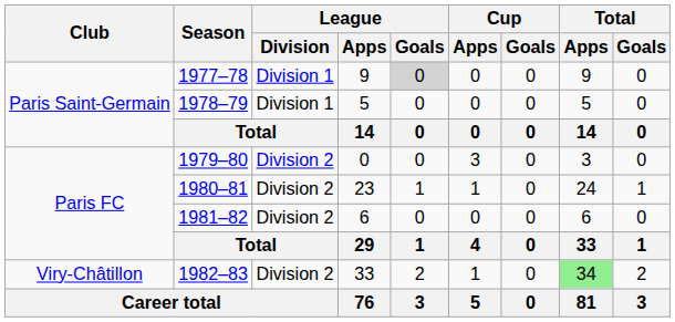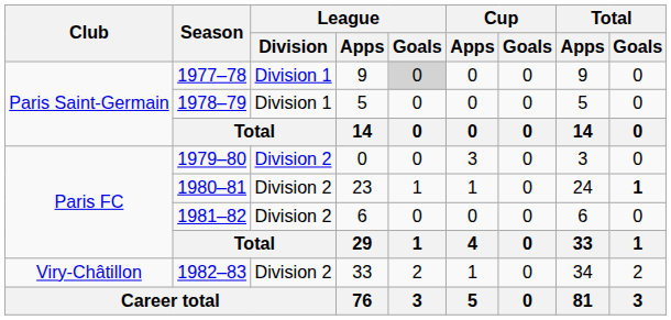 <table class="wikitable" style="text-align:center">
 <tr>
 <th rowspan="2">Club</th>
 <th rowspan="2">Season</th>
 <th colspan="3">League</th>
 <th colspan="2">Cup</th>
 <th colspan="2">Total</th>
 </tr>
 <tr>
 <th>Division</th>
 <th>Apps</th>
 <th>Goals</th>
 <th>Apps</th>
 <th>Goals</th>
 <th>Apps</th>
 <th>Goals</th>
 </tr>
 <tr>
 <td rowspan="3"><a href='#'>Paris Saint-Germain</a></td>
 <td><a href='#'>1977–78</a></td>
 <td><a href='#'>Division 1</a></td>
 <td>9</td>
 <td style="background: lightgrey;">0</td>
 <td>0</td>
 <td>0</td>
 <td>9</td>
 <td>0</td>
 </tr>
 <tr>
 <td><a href='#'>1978–79</a></td>
 <td>Division 1</td>
 <td>5</td>
 <td>0</td>
 <td>0</td>
 <td>0</td>
 <td>5</td>
 <td>0</td>
 </tr>
 <tr>
 <th colspan="2">Total</th>
 <th>14</th>
 <th>0</th>
 <th>0</th>
 <th>0</th>
 <th>14</th>
 <th>0</th>
 </tr>
 <tr>
 <td rowspan="4"><a href='#'>Paris FC</a></td>
 <td><a href='#'>1979–80</a></td>
 <td><a href='#'>Division 2</a></td>
 <td>0</td>
 <td>0</td>
 <td>3</td>
 <td>0</td>
 <td>3</td>
 <td>0</td>
 </tr>
 <tr>
 <td><a href='#'>1980–81</a></td>
 <td>Division 2</td>
 <td>23</td>
 <td>1</td>
 <td>1</td>
 <td>0</td>
 <td>24</td>
-<td>1</td>
+<td><strong>1</strong></td>
 </tr>
 <tr>
 <td><a href='#'>1981–82</a></td>
 <td>Division 2</td>
 <td>6</td>
 <td>0</td>
 <td>0</td>
 <td>0</td>
 <td>6</td>
 <td>0</td>
 </tr>
 <tr>
 <th colspan="2">Total</th>
 <th>29</th>
 <th>1</th>
 <th>4</th>
 <th>0</th>
 <th>33</th>
 <th>1</th>
 </tr>
 <tr>
 <td><a href='#'>Viry-Châtillon</a></td>
 <td><a href='#'>1982–83</a></td>
 <td>Division 2</td>
 <td>33</td>
 <td>2</td>
 <td>1</td>
 <td>0</td>
-<td style="background: lightgreen;">34</td>
+<td>34</td>
 <td>2</td>
 </tr>
 <tr>
 <th colspan="3">Career total</th>
 <th>76</th>
 <th>3</th>
 <th>5</th>
 <th>0</th>
 <th>81</th>
 <th>3</th>
 </tr>
 </table>
